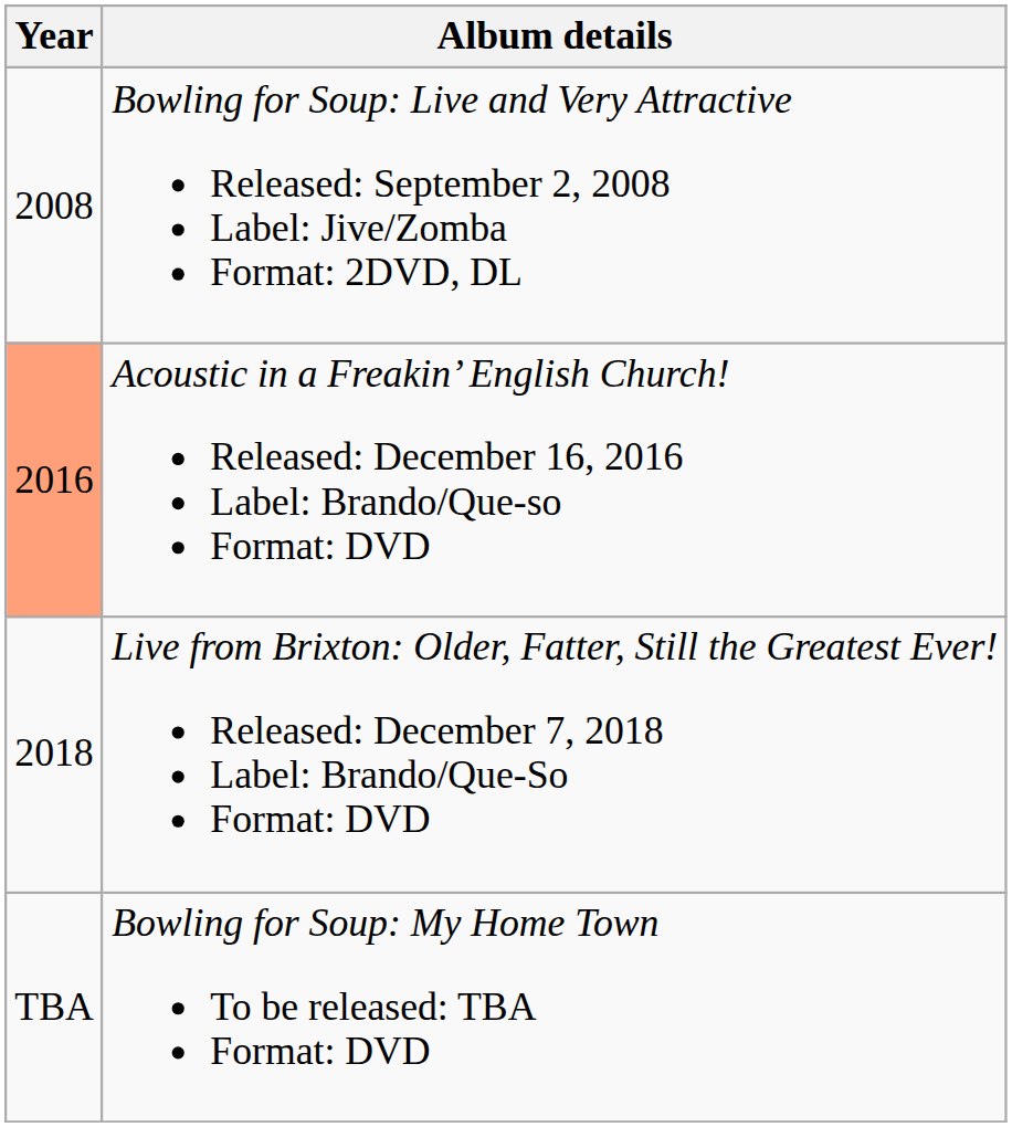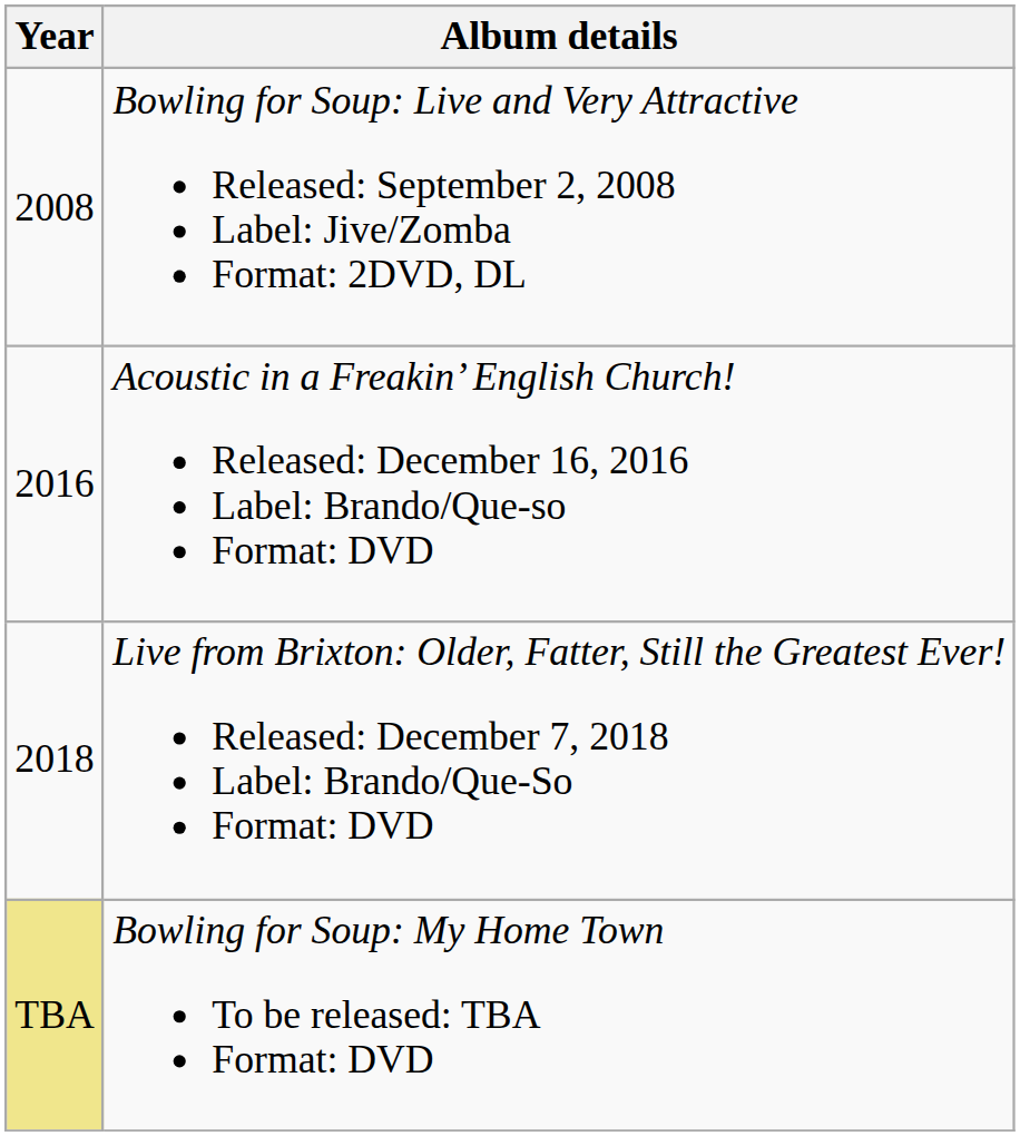 <table class="wikitable" style="white-space:nowrap;">
 <tr>
 <th>Year</th>
 <th style="width:250px;">Album details</th>
 </tr>
 <tr>
 <td>2008</td>
 <td align="left"><em>Bowling for Soup: Live and Very Attractive</em><br><ul><li>Released: September 2, 2008</li><li>Label: Jive/Zomba</li><li>Format: 2DVD, DL</li></ul></td>
 </tr>
 <tr>
-<td style="background: lightsalmon;">2016</td>
+<td>2016</td>
 <td align="left"><em>Acoustic in a Freakin’ English Church!</em><br><ul><li>Released: December 16, 2016</li><li>Label: Brando/Que-so</li><li>Format: DVD</li></ul></td>
 </tr>
 <tr>
 <td>2018</td>
 <td align="left"><em>Live from Brixton: Older, Fatter, Still the Greatest Ever!</em><br><ul><li>Released: December 7, 2018</li><li>Label: Brando/Que-So</li><li>Format: DVD</li></ul></td>
 </tr>
 <tr>
-<td>TBA</td>
+<td style="background: khaki;">TBA</td>
 <td align="left"><em>Bowling for Soup: My Home Town</em><br><ul><li>To be released: TBA</li><li>Format: DVD</li></ul></td>
 </tr>
 </table>
